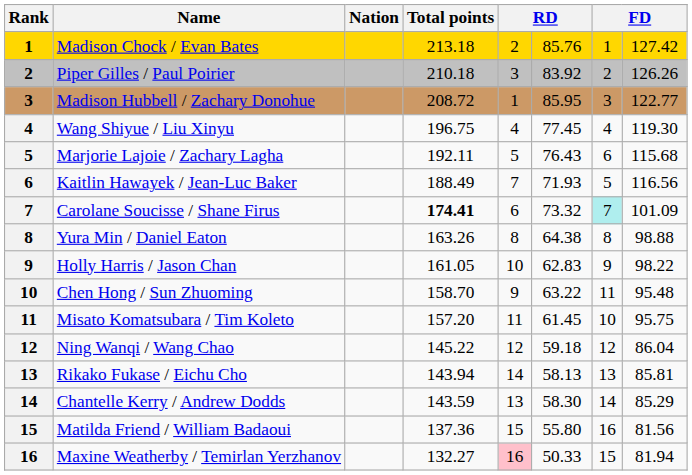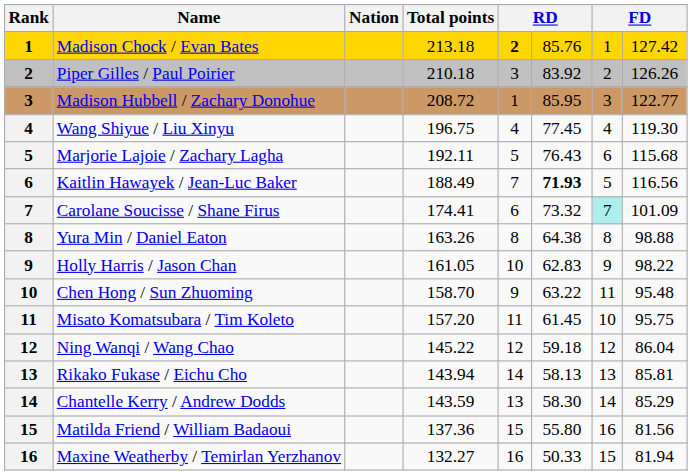 <table class="wikitable sortable">
 <tr>
 <th>Rank</th>
 <th>Name</th>
 <th>Nation</th>
 <th>Total points</th>
 <th colspan="2" width="80px"><a href='#'>RD</a></th>
 <th colspan="2" width="80px"><a href='#'>FD</a></th>
 </tr>
 <tr bgcolor="gold">
 <td align="center"><strong>1</strong></td>
 <td><a href='#'>Madison Chock</a> / <a href='#'>Evan Bates</a></td>
 <td></td>
 <td align="center">213.18</td>
-<td align="center">2</td>
+<td align="center"><strong>2</strong></td>
 <td align="center">85.76</td>
 <td align="center">1</td>
 <td align="center">127.42</td>
 </tr>
 <tr bgcolor="silver">
 <td align="center"><strong>2</strong></td>
 <td><a href='#'>Piper Gilles</a> / <a href='#'>Paul Poirier</a></td>
 <td></td>
 <td align="center">210.18</td>
 <td align="center">3</td>
 <td align="center">83.92</td>
 <td align="center">2</td>
 <td align="center">126.26</td>
 </tr>
 <tr bgcolor="cc9966">
 <td align="center"><strong>3</strong></td>
 <td><a href='#'>Madison Hubbell</a> / <a href='#'>Zachary Donohue</a></td>
 <td></td>
 <td align="center">208.72</td>
 <td align="center">1</td>
 <td align="center">85.95</td>
 <td align="center">3</td>
 <td align="center">122.77</td>
 </tr>
 <tr>
 <th>4</th>
 <td><a href='#'>Wang Shiyue</a> / <a href='#'>Liu Xinyu</a></td>
 <td></td>
 <td align="center">196.75</td>
 <td align="center">4</td>
 <td align="center">77.45</td>
 <td align="center">4</td>
 <td align="center">119.30</td>
 </tr>
 <tr>
 <th>5</th>
 <td><a href='#'>Marjorie Lajoie</a> / <a href='#'>Zachary Lagha</a></td>
 <td></td>
 <td align="center">192.11</td>
 <td align="center">5</td>
 <td align="center">76.43</td>
 <td align="center">6</td>
 <td align="center">115.68</td>
 </tr>
 <tr>
 <th>6</th>
 <td><a href='#'>Kaitlin Hawayek</a> / <a href='#'>Jean-Luc Baker</a></td>
 <td></td>
 <td align="center">188.49</td>
 <td align="center">7</td>
-<td align="center">71.93</td>
+<td align="center"><strong>71.93</strong></td>
 <td align="center">5</td>
 <td align="center">116.56</td>
 </tr>
 <tr>
 <th>7</th>
 <td><a href='#'>Carolane Soucisse</a> / <a href='#'>Shane Firus</a></td>
 <td></td>
-<td align="center"><strong>174.41</strong></td>
+<td align="center">174.41</td>
 <td align="center">6</td>
 <td align="center">73.32</td>
 <td align="center" style="background: paleturquoise;">7</td>
 <td align="center">101.09</td>
 </tr>
 <tr>
 <th>8</th>
 <td><a href='#'>Yura Min</a> / <a href='#'>Daniel Eaton</a></td>
 <td></td>
 <td align="center">163.26</td>
 <td align="center">8</td>
 <td align="center">64.38</td>
 <td align="center">8</td>
 <td align="center">98.88</td>
 </tr>
 <tr>
 <th>9</th>
 <td><a href='#'>Holly Harris</a> / <a href='#'>Jason Chan</a></td>
 <td></td>
 <td align="center">161.05</td>
 <td align="center">10</td>
 <td align="center">62.83</td>
 <td align="center">9</td>
 <td align="center">98.22</td>
 </tr>
 <tr>
 <th>10</th>
 <td><a href='#'>Chen Hong</a> / <a href='#'>Sun Zhuoming</a></td>
 <td></td>
 <td align="center">158.70</td>
 <td align="center">9</td>
 <td align="center">63.22</td>
 <td align="center">11</td>
 <td align="center">95.48</td>
 </tr>
 <tr>
 <th>11</th>
 <td><a href='#'>Misato Komatsubara</a> / <a href='#'>Tim Koleto</a></td>
 <td></td>
 <td align="center">157.20</td>
 <td align="center">11</td>
 <td align="center">61.45</td>
 <td align="center">10</td>
 <td align="center">95.75</td>
 </tr>
 <tr>
 <th>12</th>
 <td><a href='#'>Ning Wanqi</a> / <a href='#'>Wang Chao</a></td>
 <td></td>
 <td align="center">145.22</td>
 <td align="center">12</td>
 <td align="center">59.18</td>
 <td align="center">12</td>
 <td align="center">86.04</td>
 </tr>
 <tr>
 <th>13</th>
 <td><a href='#'>Rikako Fukase</a> / <a href='#'>Eichu Cho</a></td>
 <td></td>
 <td align="center">143.94</td>
 <td align="center">14</td>
 <td align="center">58.13</td>
 <td align="center">13</td>
 <td align="center">85.81</td>
 </tr>
 <tr>
 <th>14</th>
 <td><a href='#'>Chantelle Kerry</a> / <a href='#'>Andrew Dodds</a></td>
 <td></td>
 <td align="center">143.59</td>
 <td align="center">13</td>
 <td align="center">58.30</td>
 <td align="center">14</td>
 <td align="center">85.29</td>
 </tr>
 <tr>
 <th>15</th>
 <td><a href='#'>Matilda Friend</a> / <a href='#'>William Badaoui</a></td>
 <td></td>
 <td align="center">137.36</td>
 <td align="center">15</td>
 <td align="center">55.80</td>
 <td align="center">16</td>
 <td align="center">81.56</td>
 </tr>
 <tr>
 <th>16</th>
 <td><a href='#'>Maxine Weatherby</a> / <a href='#'>Temirlan Yerzhanov</a></td>
 <td></td>
 <td align="center">132.27</td>
-<td align="center" style="background: pink;">16</td>
+<td align="center">16</td>
 <td align="center">50.33</td>
 <td align="center">15</td>
 <td align="center">81.94</td>
 </tr>
 </table>
